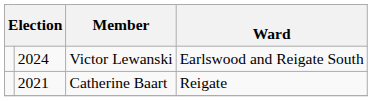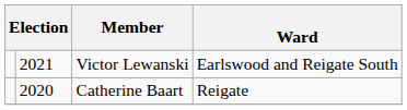 <table class="wikitable">
 <tr>
 <th colspan="2">Election</th>
 <th>Member</th>
 <th><br>Ward</th>
 </tr>
 <tr>
 <td style="background-color: "></td>
-<td>2024</td>
+<td>2021</td>
 <td>Victor Lewanski</td>
 <td>Earlswood and Reigate South</td>
 </tr>
 <tr>
 <td style="background-color: "></td>
-<td>2021</td>
+<td>2020</td>
 <td>Catherine Baart</td>
 <td>Reigate</td>
 </tr>
 <tr>
 </tr>
 </table>
